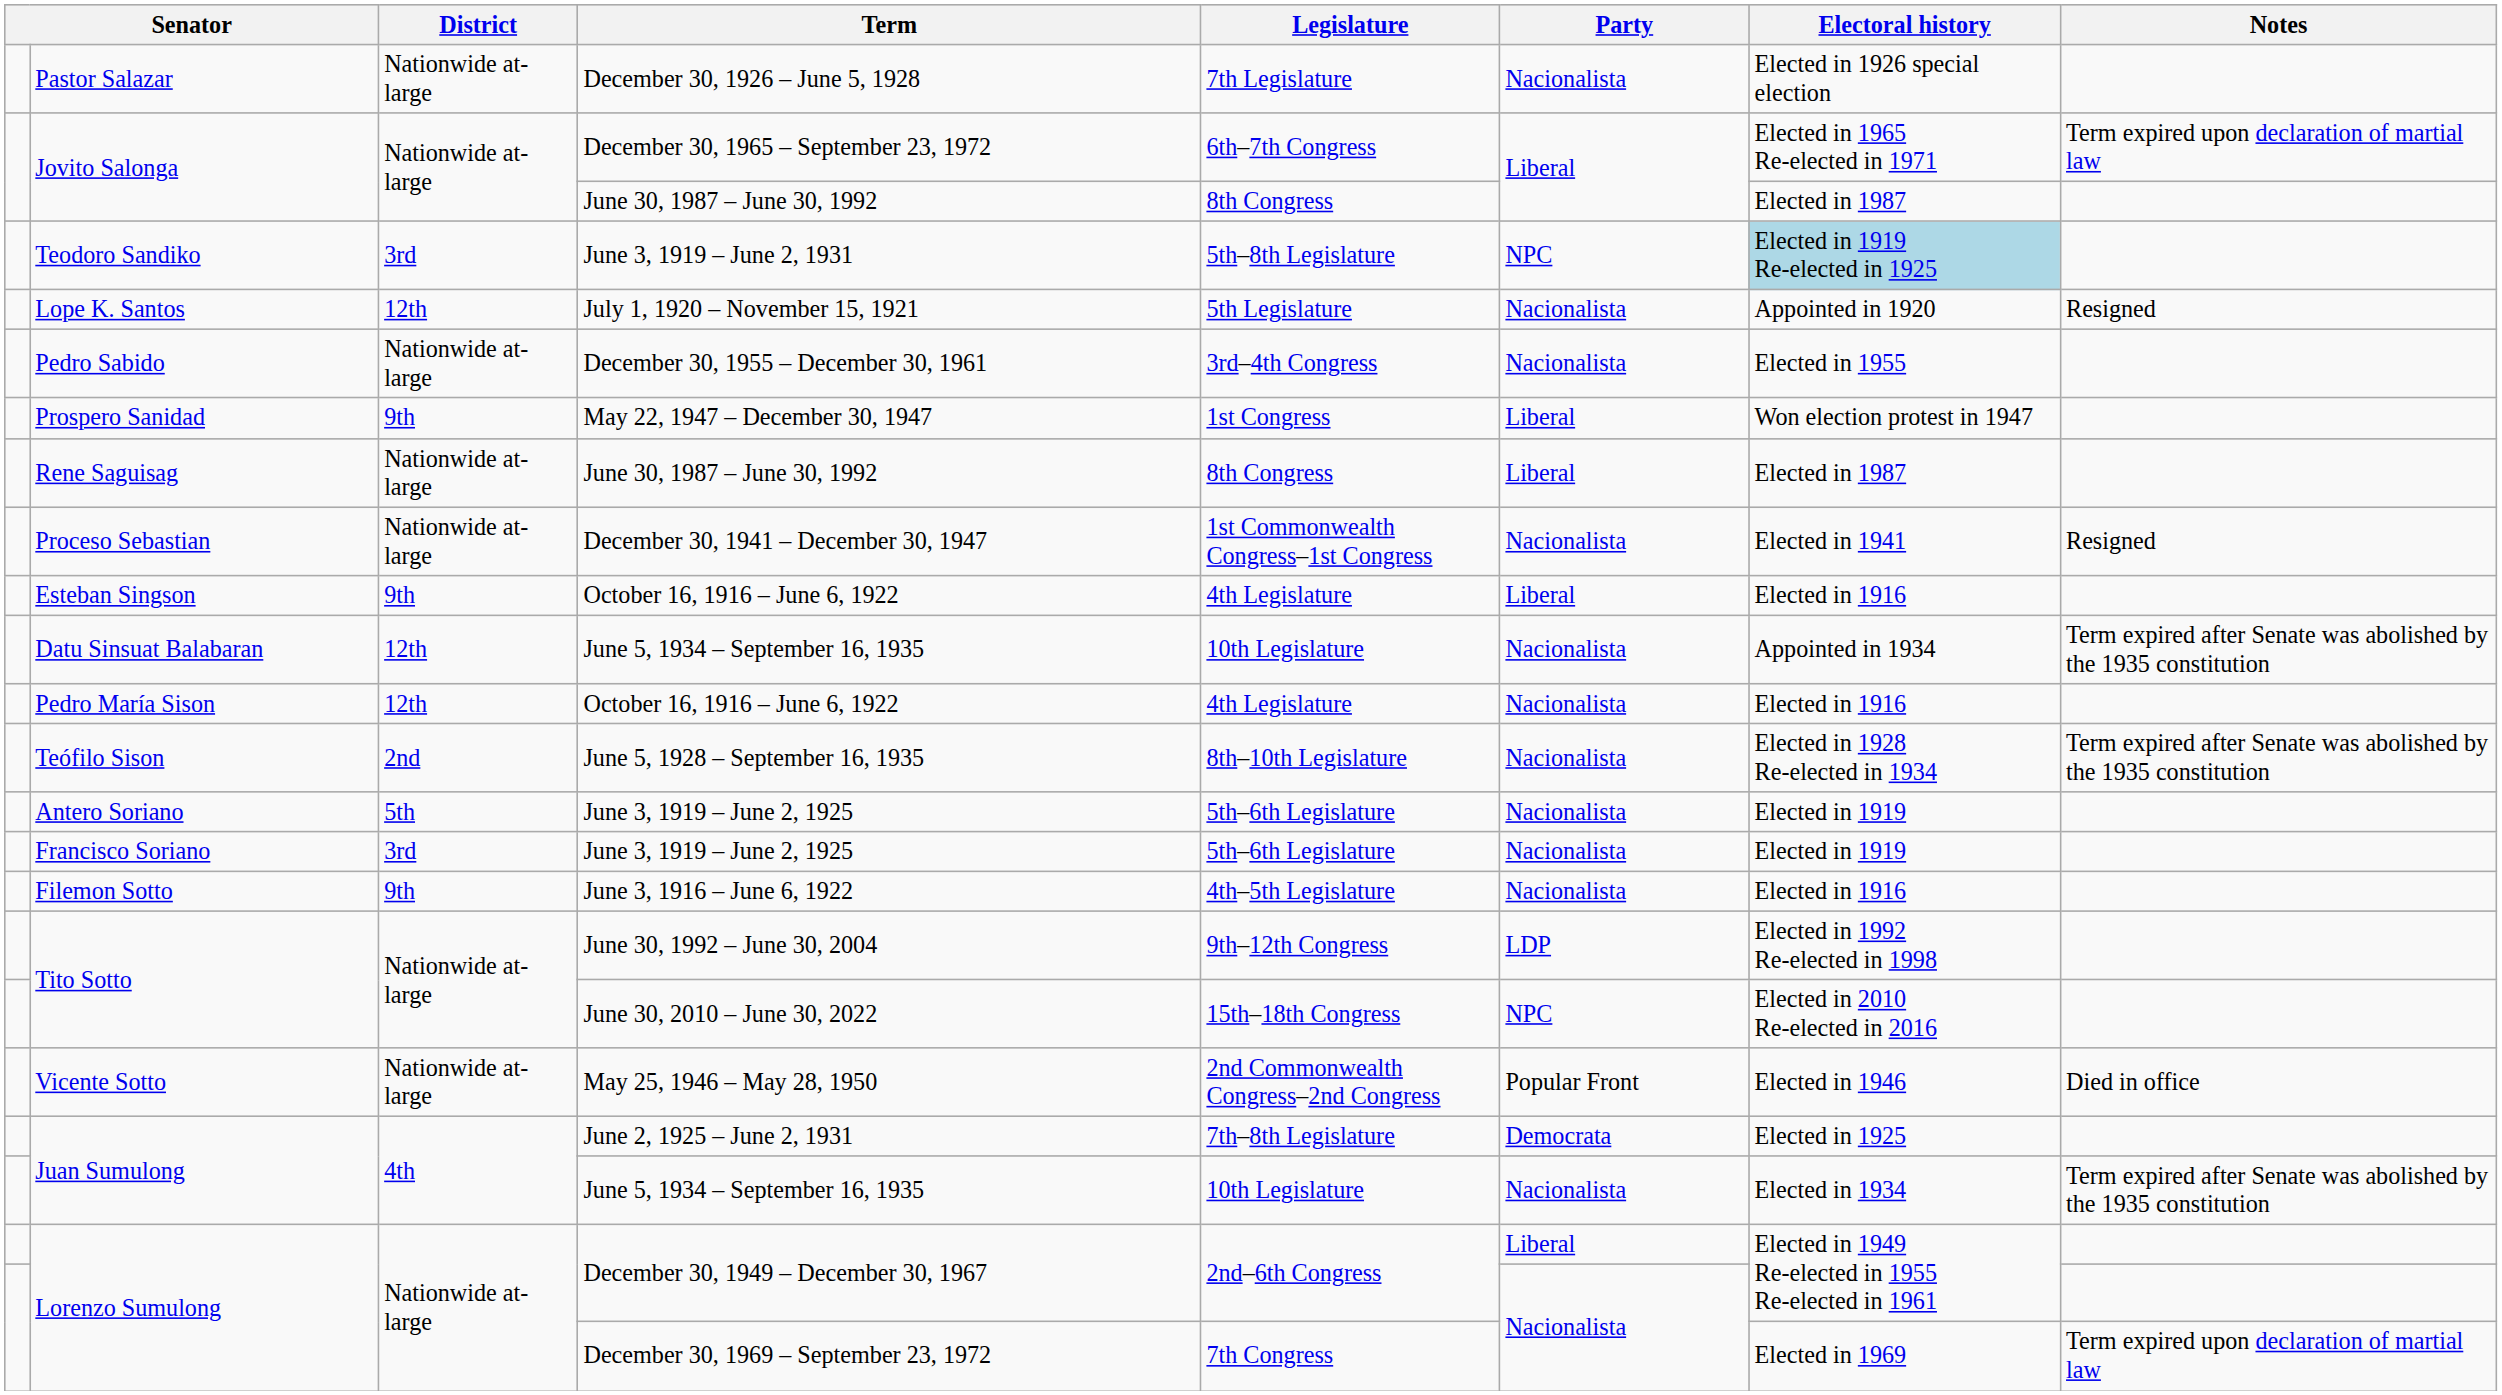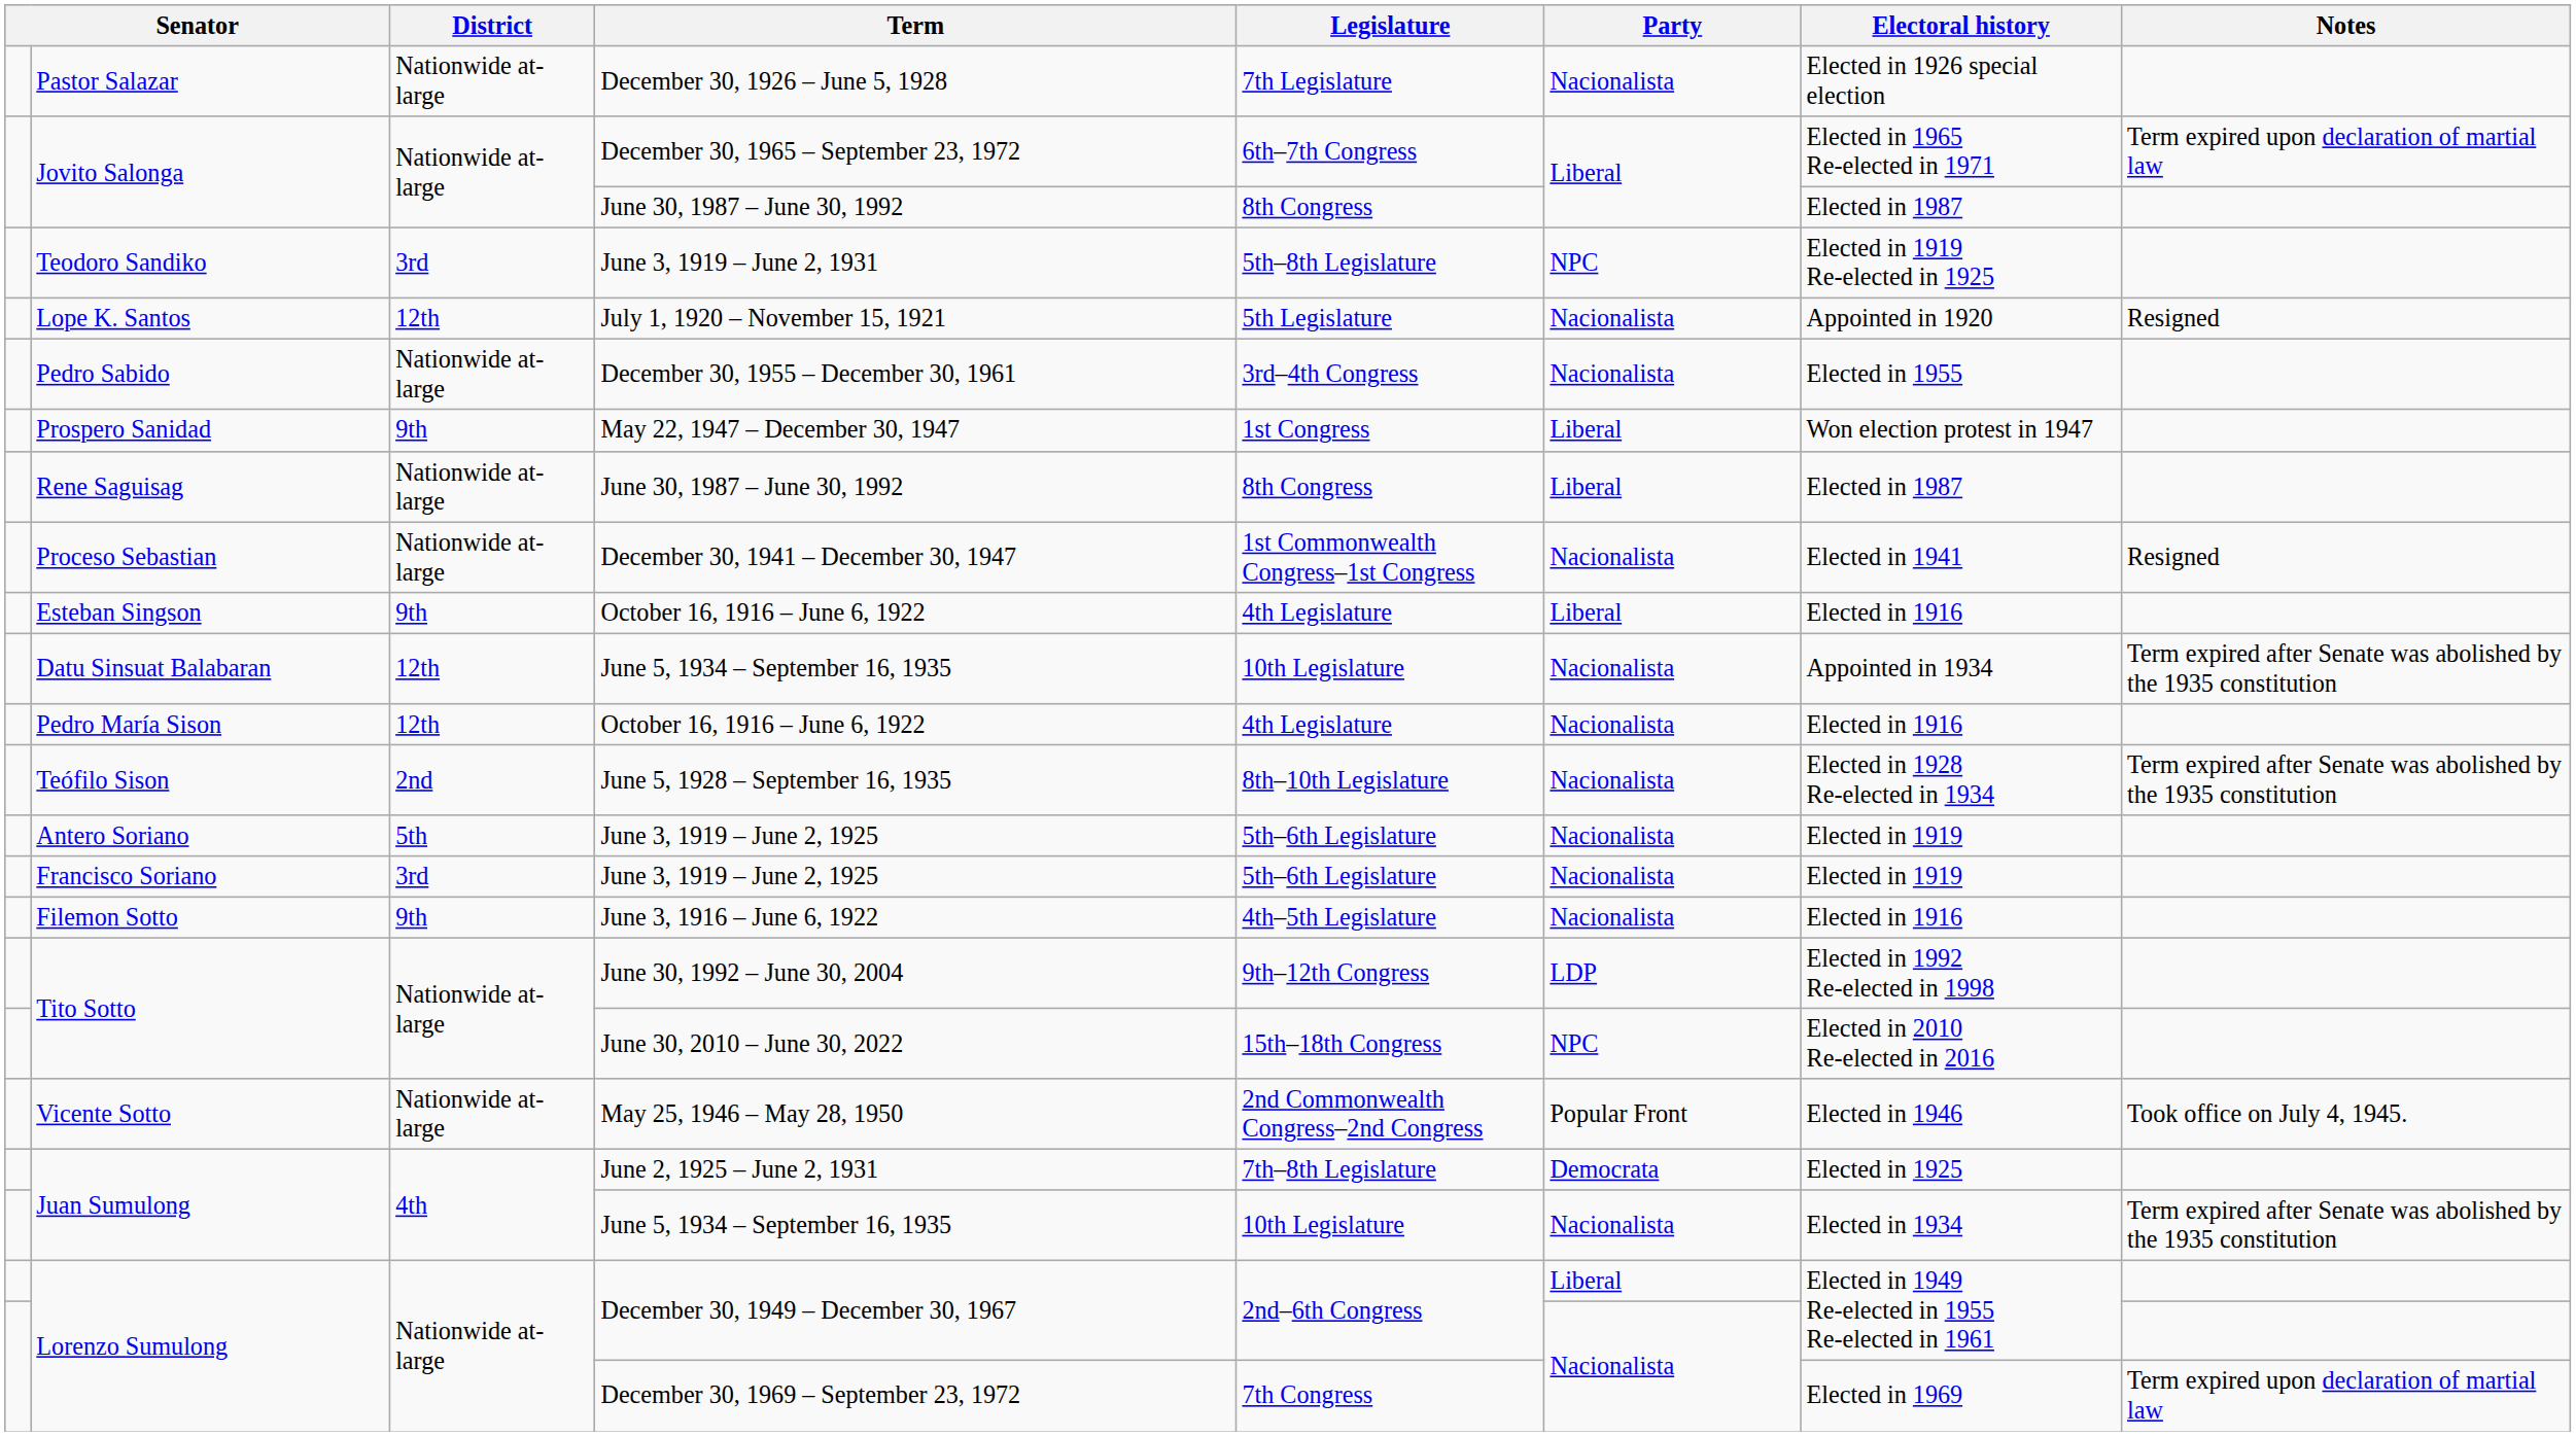 <table class="wikitable" style="font-size:95%" width=99%>
 <tr>
 <th colspan="2" width="15%">Senator</th>
 <th width="8%"><a href='#'>District</a></th>
 <th width="25%">Term</th>
 <th width="12%"><a href='#'>Legislature</a></th>
 <th width="10%"><a href='#'>Party</a></th>
 <th width="12.5%"><a href='#'>Electoral history</a></th>
 <th width="17.5%">Notes</th>
 </tr>
 <tr>
 <td width=1% style="background-color:"></td>
 <td><a href='#'>Pastor Salazar</a></td>
 <td>Nationwide at-large</td>
 <td>December 30, 1926 – June 5, 1928</td>
 <td><a href='#'>7th Legislature</a></td>
 <td><a href='#'>Nacionalista</a></td>
 <td>Elected in 1926 special election</td>
 <td></td>
 </tr>
 <tr>
 <td rowspan="2" style="background-color:"></td>
 <td rowspan="2"><a href='#'>Jovito Salonga</a></td>
 <td rowspan="2">Nationwide at-large</td>
 <td>December 30, 1965 – September 23, 1972</td>
 <td><a href='#'>6th</a>–<a href='#'>7th Congress</a></td>
 <td rowspan="2"><a href='#'>Liberal</a></td>
 <td>Elected in <a href='#'>1965</a><br>Re-elected in <a href='#'>1971</a></td>
 <td>Term expired upon <a href='#'>declaration of martial law</a></td>
 </tr>
 <tr>
 <td>June 30, 1987 – June 30, 1992</td>
 <td><a href='#'>8th Congress</a></td>
 <td>Elected in <a href='#'>1987</a></td>
 <td></td>
 </tr>
 <tr>
 <td style="background-color:"></td>
 <td><a href='#'>Teodoro Sandiko</a></td>
 <td><a href='#'>3rd</a></td>
 <td>June 3, 1919 – June 2, 1931</td>
 <td><a href='#'>5th</a>–<a href='#'>8th Legislature</a></td>
 <td><a href='#'>NPC</a></td>
-<td style="background: lightblue;">Elected in <a href='#'>1919</a><br>Re-elected in <a href='#'>1925</a></td>
+<td>Elected in <a href='#'>1919</a><br>Re-elected in <a href='#'>1925</a></td>
 <td></td>
 </tr>
 <tr>
 <td style="background-color:"></td>
 <td><a href='#'>Lope K. Santos</a></td>
 <td><a href='#'>12th</a></td>
 <td>July 1, 1920 – November 15, 1921</td>
 <td><a href='#'>5th Legislature</a></td>
 <td><a href='#'>Nacionalista</a></td>
 <td>Appointed in 1920</td>
 <td>Resigned</td>
 </tr>
 <tr>
 <td style="background-color:"></td>
 <td><a href='#'>Pedro Sabido</a></td>
 <td>Nationwide at-large</td>
 <td>December 30, 1955 – December 30, 1961</td>
 <td><a href='#'>3rd</a>–<a href='#'>4th Congress</a></td>
 <td><a href='#'>Nacionalista</a></td>
 <td>Elected in <a href='#'>1955</a></td>
 <td></td>
 </tr>
 <tr>
 <td style="background-color:"></td>
 <td><a href='#'>Prospero Sanidad</a></td>
 <td><a href='#'>9th</a></td>
 <td>May 22, 1947 – December 30, 1947</td>
 <td><a href='#'>1st Congress</a></td>
 <td><a href='#'>Liberal</a></td>
 <td>Won election protest in 1947</td>
 <td></td>
 </tr>
 <tr>
 <td style="background-color:"></td>
 <td><a href='#'>Rene Saguisag</a></td>
 <td>Nationwide at-large</td>
 <td>June 30, 1987 – June 30, 1992</td>
 <td><a href='#'>8th Congress</a></td>
 <td><a href='#'>Liberal</a></td>
 <td>Elected in <a href='#'>1987</a></td>
 <td></td>
 </tr>
 <tr>
 <td style="background-color:"></td>
 <td><a href='#'>Proceso Sebastian</a></td>
 <td>Nationwide at-large</td>
 <td>December 30, 1941 – December 30, 1947</td>
 <td><a href='#'>1st Commonwealth Congress</a>–<a href='#'>1st Congress</a></td>
 <td><a href='#'>Nacionalista</a></td>
 <td>Elected in <a href='#'>1941</a></td>
 <td>Resigned</td>
 </tr>
 <tr>
 <td style="background-color:"></td>
 <td><a href='#'>Esteban Singson</a></td>
 <td><a href='#'>9th</a></td>
 <td>October 16, 1916 – June 6, 1922</td>
 <td><a href='#'>4th Legislature</a></td>
 <td><a href='#'>Liberal</a></td>
 <td>Elected in <a href='#'>1916</a></td>
 <td></td>
 </tr>
 <tr>
 <td style="background-color:"></td>
 <td><a href='#'>Datu Sinsuat Balabaran</a></td>
 <td><a href='#'>12th</a></td>
 <td>June 5, 1934 – September 16, 1935</td>
 <td><a href='#'>10th Legislature</a></td>
 <td><a href='#'>Nacionalista</a></td>
 <td>Appointed in 1934</td>
 <td>Term expired after Senate was abolished by the 1935 constitution</td>
 </tr>
 <tr>
 <td style="background-color:"></td>
 <td><a href='#'>Pedro María Sison</a></td>
 <td><a href='#'>12th</a></td>
 <td>October 16, 1916 – June 6, 1922</td>
 <td><a href='#'>4th Legislature</a></td>
 <td><a href='#'>Nacionalista</a></td>
 <td>Elected in <a href='#'>1916</a></td>
 <td></td>
 </tr>
 <tr>
 <td style="background-color:"></td>
 <td><a href='#'>Teófilo Sison</a></td>
 <td><a href='#'>2nd</a></td>
 <td>June 5, 1928 – September 16, 1935</td>
 <td><a href='#'>8th</a>–<a href='#'>10th Legislature</a></td>
 <td><a href='#'>Nacionalista</a></td>
 <td>Elected in <a href='#'>1928</a><br>Re-elected in <a href='#'>1934</a></td>
 <td>Term expired after Senate was abolished by the 1935 constitution</td>
 </tr>
 <tr>
 <td style="background-color:"></td>
 <td><a href='#'>Antero Soriano</a></td>
 <td><a href='#'>5th</a></td>
 <td>June 3, 1919 – June 2, 1925</td>
 <td><a href='#'>5th</a>–<a href='#'>6th Legislature</a></td>
 <td><a href='#'>Nacionalista</a></td>
 <td>Elected in <a href='#'>1919</a></td>
 <td></td>
 </tr>
 <tr>
 <td style="background-color:"></td>
 <td><a href='#'>Francisco Soriano</a></td>
 <td><a href='#'>3rd</a></td>
 <td>June 3, 1919 – June 2, 1925</td>
 <td><a href='#'>5th</a>–<a href='#'>6th Legislature</a></td>
 <td><a href='#'>Nacionalista</a></td>
 <td>Elected in <a href='#'>1919</a></td>
 <td></td>
 </tr>
 <tr>
 <td style="background-color:"></td>
 <td><a href='#'>Filemon Sotto</a></td>
 <td><a href='#'>9th</a></td>
 <td>June 3, 1916 – June 6, 1922</td>
 <td><a href='#'>4th</a>–<a href='#'>5th Legislature</a></td>
 <td><a href='#'>Nacionalista</a></td>
 <td>Elected in <a href='#'>1916</a></td>
 <td></td>
 </tr>
 <tr>
 <td style="background-color:"></td>
 <td rowspan="2"><a href='#'>Tito Sotto</a></td>
 <td rowspan="2">Nationwide at-large</td>
 <td>June 30, 1992 – June 30, 2004</td>
 <td><a href='#'>9th</a>–<a href='#'>12th Congress</a></td>
 <td><a href='#'>LDP</a></td>
 <td>Elected in <a href='#'>1992</a><br>Re-elected in <a href='#'>1998</a></td>
 <td></td>
 </tr>
 <tr>
 <td style="background-color:"></td>
 <td>June 30, 2010 – June 30, 2022</td>
 <td><a href='#'>15th</a>–<a href='#'>18th Congress</a></td>
 <td><a href='#'>NPC</a></td>
 <td>Elected in <a href='#'>2010</a><br>Re-elected in <a href='#'>2016</a></td>
 <td></td>
 </tr>
 <tr>
 <td style="background-color:"></td>
 <td><a href='#'>Vicente Sotto</a></td>
 <td>Nationwide at-large</td>
 <td>May 25, 1946 – May 28, 1950</td>
 <td><a href='#'>2nd Commonwealth Congress</a>–<a href='#'>2nd Congress</a></td>
 <td>Popular Front</td>
 <td>Elected in <a href='#'>1946</a></td>
-<td>Died in office</td>
+<td>Took office on July 4, 1945.</td>
 </tr>
 <tr>
 <td style="background-color:"></td>
 <td rowspan="2"><a href='#'>Juan Sumulong</a></td>
 <td rowspan="2"><a href='#'>4th</a></td>
 <td>June 2, 1925 – June 2, 1931</td>
 <td><a href='#'>7th</a>–<a href='#'>8th Legislature</a></td>
 <td><a href='#'>Democrata</a></td>
 <td>Elected in <a href='#'>1925</a></td>
 <td></td>
 </tr>
 <tr>
 <td style="background-color:"></td>
 <td>June 5, 1934 – September 16, 1935</td>
 <td><a href='#'>10th Legislature</a></td>
 <td><a href='#'>Nacionalista</a></td>
 <td>Elected in <a href='#'>1934</a></td>
 <td>Term expired after Senate was abolished by the 1935 constitution</td>
 </tr>
 <tr>
 <td style="background-color:"></td>
 <td rowspan="3"><a href='#'>Lorenzo Sumulong</a></td>
 <td rowspan="3">Nationwide at-large</td>
 <td rowspan="2">December 30, 1949 – December 30, 1967</td>
 <td rowspan="2"><a href='#'>2nd</a>–<a href='#'>6th Congress</a></td>
 <td><a href='#'>Liberal</a></td>
 <td rowspan="2">Elected in <a href='#'>1949</a><br>Re-elected in <a href='#'>1955</a><br>Re-elected in <a href='#'>1961</a></td>
 <td></td>
 </tr>
 <tr>
 <td rowspan="2" style="background-color:"></td>
 <td rowspan="2"><a href='#'>Nacionalista</a></td>
 <td></td>
 </tr>
 <tr>
 <td>December 30, 1969 – September 23, 1972</td>
 <td><a href='#'>7th Congress</a></td>
 <td>Elected in <a href='#'>1969</a></td>
 <td>Term expired upon <a href='#'>declaration of martial law</a></td>
 </tr>
 </table>
